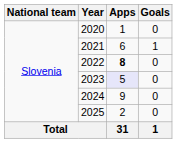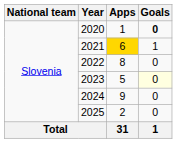 <table class="wikitable" style="text-align:center">
 <tr>
 <th>National team</th>
 <th>Year</th>
 <th>Apps</th>
 <th>Goals</th>
 </tr>
 <tr>
 <td rowspan="6"><a href='#'>Slovenia</a></td>
 <td>2020</td>
 <td>1</td>
-<td>0</td>
+<td><strong>0</strong></td>
 </tr>
 <tr>
 <td>2021</td>
-<td>6</td>
+<td style="background: gold;">6</td>
 <td>1</td>
 </tr>
 <tr>
 <td>2022</td>
-<td><strong>8</strong></td>
+<td>8</td>
 <td>0</td>
 </tr>
 <tr>
 <td>2023</td>
-<td style="background: lavender;">5</td>
-<td>0</td>
+<td>5</td>
+<td style="background: lightyellow;">0</td>
 </tr>
 <tr>
 <td>2024</td>
 <td>9</td>
 <td>0</td>
 </tr>
 <tr>
 <td>2025</td>
 <td>2</td>
 <td>0</td>
 </tr>
 <tr>
 <th colspan="2">Total</th>
 <th>31</th>
 <th>1</th>
 </tr>
 </table>
